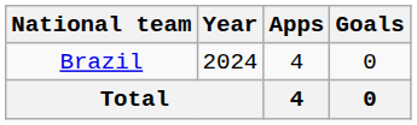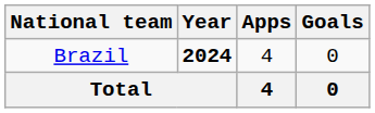 <table class="wikitable" style="text-align:center">
 <tr>
 <th>National team</th>
 <th>Year</th>
 <th>Apps</th>
 <th>Goals</th>
 </tr>
 <tr>
 <td><a href='#'>Brazil</a></td>
-<td>2024</td>
+<td><strong>2024</strong></td>
 <td>4</td>
 <td>0</td>
 </tr>
 <tr>
 <th colspan="2">Total</th>
 <th>4</th>
 <th>0</th>
 </tr>
 </table>
